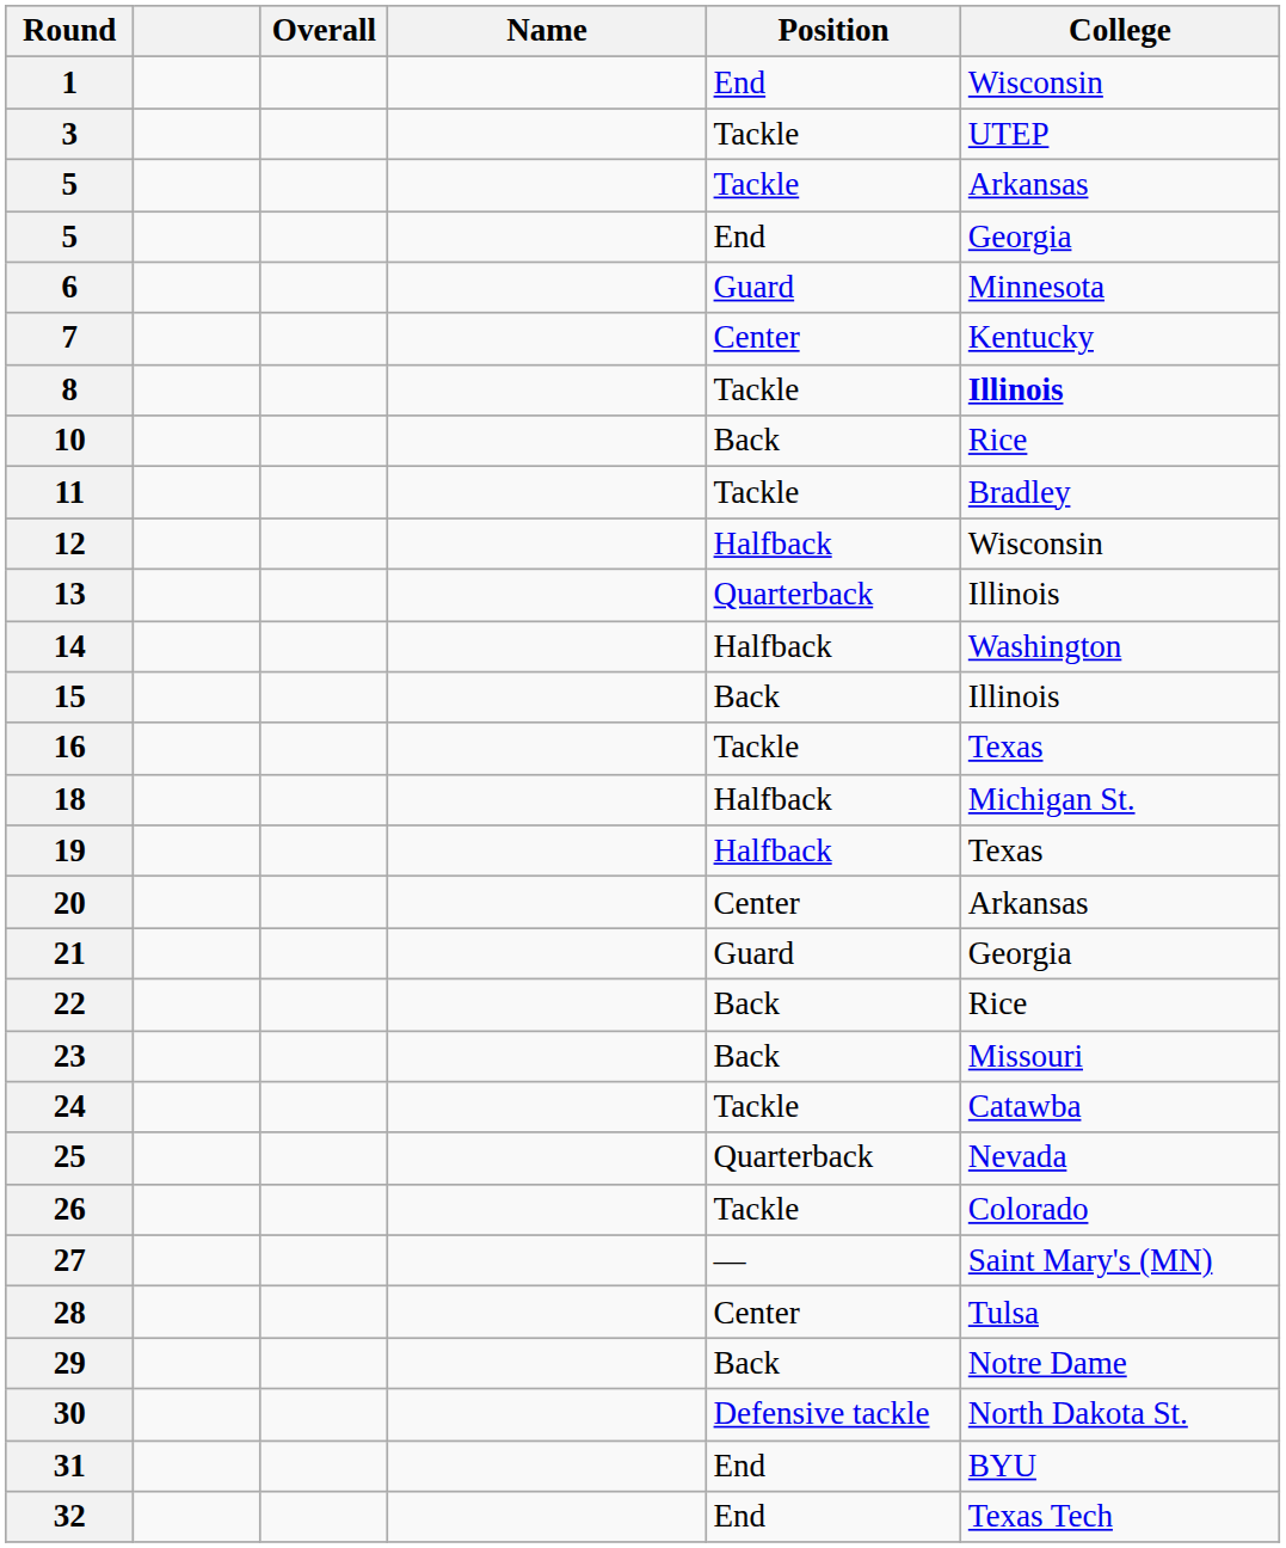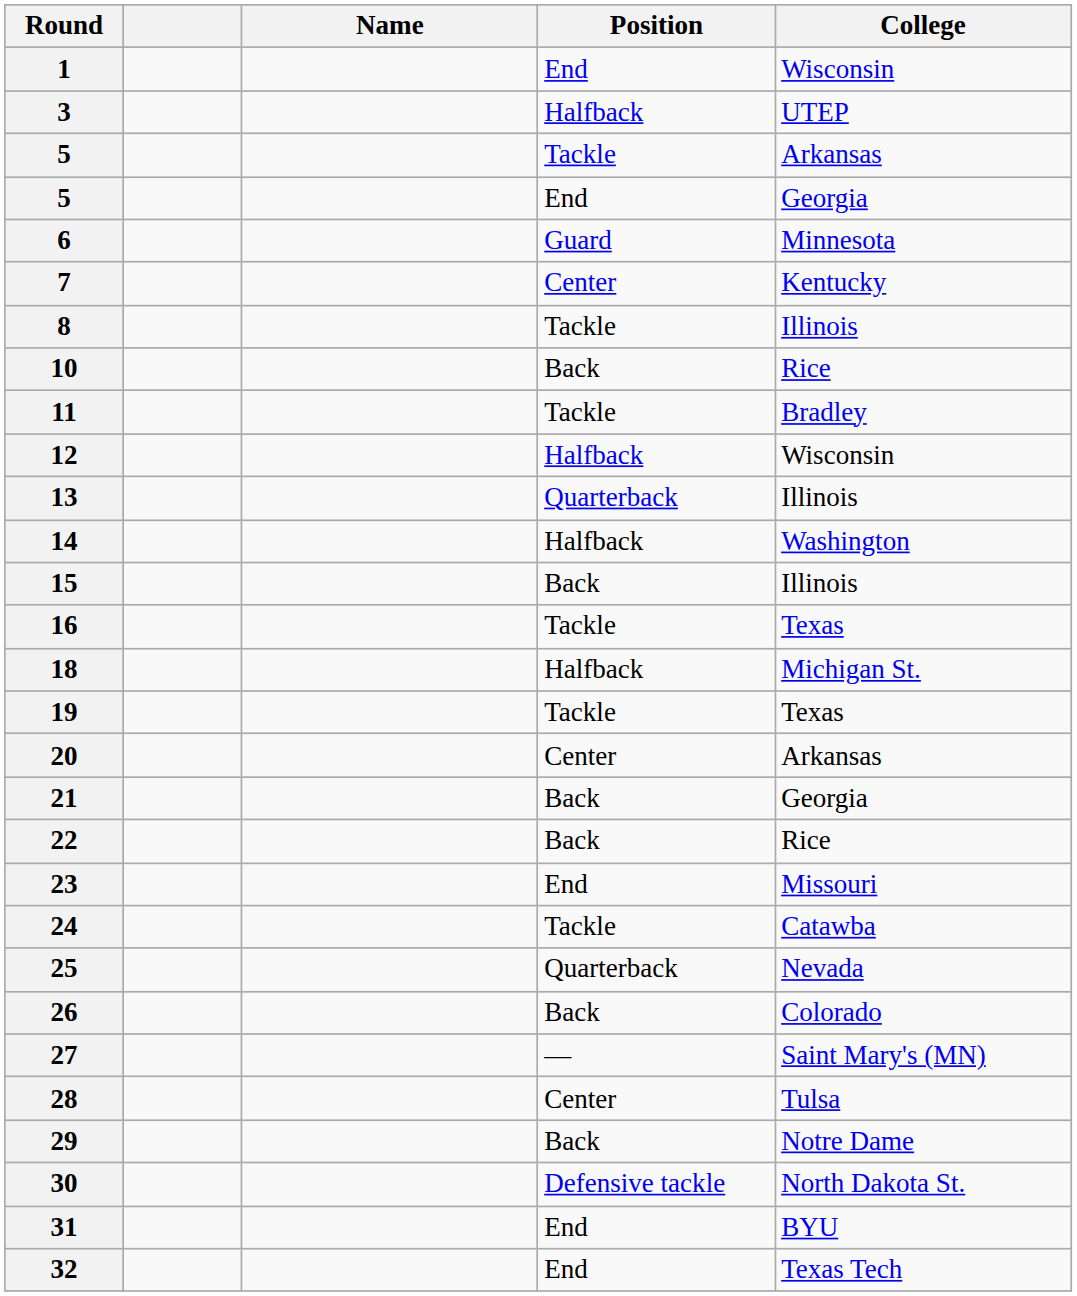 <table class="wikitable sortable" style="width: 50%;">
 <tr>
 <th scope="col" style="width: 10%;">Round</th>
 <th scope="col" style="width: 10%;"></th>
-<th scope="col" style="width: 10%;">Overall</th>
 <th scope="col" style="width: 25%;">Name</th>
 <th scope="col" style="width: 20%;">Position</th>
 <th scope="col" style="width: 25%;">College</th>
 </tr>
 <tr>
 <th scope="row">1</th>
-<td></td>
 <td></td>
 <td></td>
 <td><a href='#'>End</a></td>
 <td><a href='#'>Wisconsin</a></td>
 </tr>
 <tr>
 <th scope="row">3</th>
 <td></td>
 <td></td>
-<td></td>
-<td>Tackle</td>
+<td><a href='#'>Halfback</a></td>
 <td><a href='#'>UTEP</a></td>
 </tr>
 <tr>
 <th scope="row">5</th>
-<td></td>
 <td></td>
 <td></td>
 <td><a href='#'>Tackle</a></td>
 <td><a href='#'>Arkansas</a></td>
 </tr>
 <tr>
 <th scope="row">5</th>
 <td></td>
 <td></td>
-<td></td>
 <td>End</td>
 <td><a href='#'>Georgia</a></td>
 </tr>
 <tr>
 <th scope="row">6</th>
-<td></td>
 <td></td>
 <td></td>
 <td><a href='#'>Guard</a></td>
 <td><a href='#'>Minnesota</a></td>
 </tr>
 <tr>
 <th scope="row">7</th>
 <td></td>
 <td></td>
-<td></td>
 <td><a href='#'>Center</a></td>
 <td><a href='#'>Kentucky</a></td>
 </tr>
 <tr>
 <th scope="row">8</th>
 <td></td>
 <td></td>
-<td></td>
 <td>Tackle</td>
-<td><strong><a href='#'>Illinois</a></strong></td>
+<td><a href='#'>Illinois</a></td>
 </tr>
 <tr>
 <th scope="row">10</th>
-<td></td>
 <td></td>
 <td></td>
 <td>Back</td>
 <td><a href='#'>Rice</a></td>
 </tr>
 <tr>
 <th scope="row">11</th>
 <td></td>
 <td></td>
-<td></td>
 <td>Tackle</td>
 <td><a href='#'>Bradley</a></td>
 </tr>
 <tr>
 <th scope="row">12</th>
-<td></td>
 <td></td>
 <td></td>
 <td><a href='#'>Halfback</a></td>
 <td>Wisconsin</td>
 </tr>
 <tr>
 <th scope="row">13</th>
 <td></td>
 <td></td>
-<td></td>
 <td><a href='#'>Quarterback</a></td>
 <td>Illinois</td>
 </tr>
 <tr>
 <th scope="row">14</th>
-<td></td>
 <td></td>
 <td></td>
 <td>Halfback</td>
 <td><a href='#'>Washington</a></td>
 </tr>
 <tr>
 <th scope="row">15</th>
 <td></td>
 <td></td>
-<td></td>
 <td>Back</td>
 <td>Illinois</td>
 </tr>
 <tr>
 <th scope="row">16</th>
-<td></td>
 <td></td>
 <td></td>
 <td>Tackle</td>
 <td><a href='#'>Texas</a></td>
 </tr>
 <tr>
 <th scope="row">18</th>
 <td></td>
 <td></td>
-<td></td>
 <td>Halfback</td>
 <td><a href='#'>Michigan St.</a></td>
 </tr>
 <tr>
 <th scope="row">19</th>
 <td></td>
 <td></td>
-<td></td>
-<td><a href='#'>Halfback</a></td>
+<td>Tackle</td>
 <td>Texas</td>
 </tr>
 <tr>
 <th scope="row">20</th>
-<td></td>
 <td></td>
 <td></td>
 <td>Center</td>
 <td>Arkansas</td>
 </tr>
 <tr>
 <th scope="row">21</th>
 <td></td>
 <td></td>
-<td></td>
-<td>Guard</td>
+<td>Back</td>
 <td>Georgia</td>
 </tr>
 <tr>
 <th scope="row">22</th>
-<td></td>
 <td></td>
 <td></td>
 <td>Back</td>
 <td>Rice</td>
 </tr>
 <tr>
 <th scope="row">23</th>
 <td></td>
 <td></td>
-<td></td>
-<td>Back</td>
+<td>End</td>
 <td><a href='#'>Missouri</a></td>
 </tr>
 <tr>
 <th scope="row">24</th>
-<td></td>
 <td></td>
 <td></td>
 <td>Tackle</td>
 <td><a href='#'>Catawba</a></td>
 </tr>
 <tr>
 <th scope="row">25</th>
 <td></td>
 <td></td>
-<td></td>
 <td>Quarterback</td>
 <td><a href='#'>Nevada</a></td>
 </tr>
 <tr>
 <th scope="row">26</th>
 <td></td>
 <td></td>
-<td></td>
-<td>Tackle</td>
+<td>Back</td>
 <td><a href='#'>Colorado</a></td>
 </tr>
 <tr>
 <th scope="row">27</th>
-<td></td>
 <td></td>
 <td></td>
 <td>—</td>
 <td><a href='#'>Saint Mary's (MN)</a></td>
 </tr>
 <tr>
 <th scope="row">28</th>
 <td></td>
 <td></td>
-<td></td>
 <td>Center</td>
 <td><a href='#'>Tulsa</a></td>
 </tr>
 <tr>
 <th scope="row">29</th>
-<td></td>
 <td></td>
 <td></td>
 <td>Back</td>
 <td><a href='#'>Notre Dame</a></td>
 </tr>
 <tr>
 <th scope="row">30</th>
 <td></td>
 <td></td>
-<td></td>
 <td><a href='#'>Defensive tackle</a></td>
 <td><a href='#'>North Dakota St.</a></td>
 </tr>
 <tr>
 <th scope="row">31</th>
-<td></td>
 <td></td>
 <td></td>
 <td>End</td>
 <td><a href='#'>BYU</a></td>
 </tr>
 <tr>
 <th scope="row">32</th>
 <td></td>
 <td></td>
-<td></td>
 <td>End</td>
 <td><a href='#'>Texas Tech</a></td>
 </tr>
 </table>
